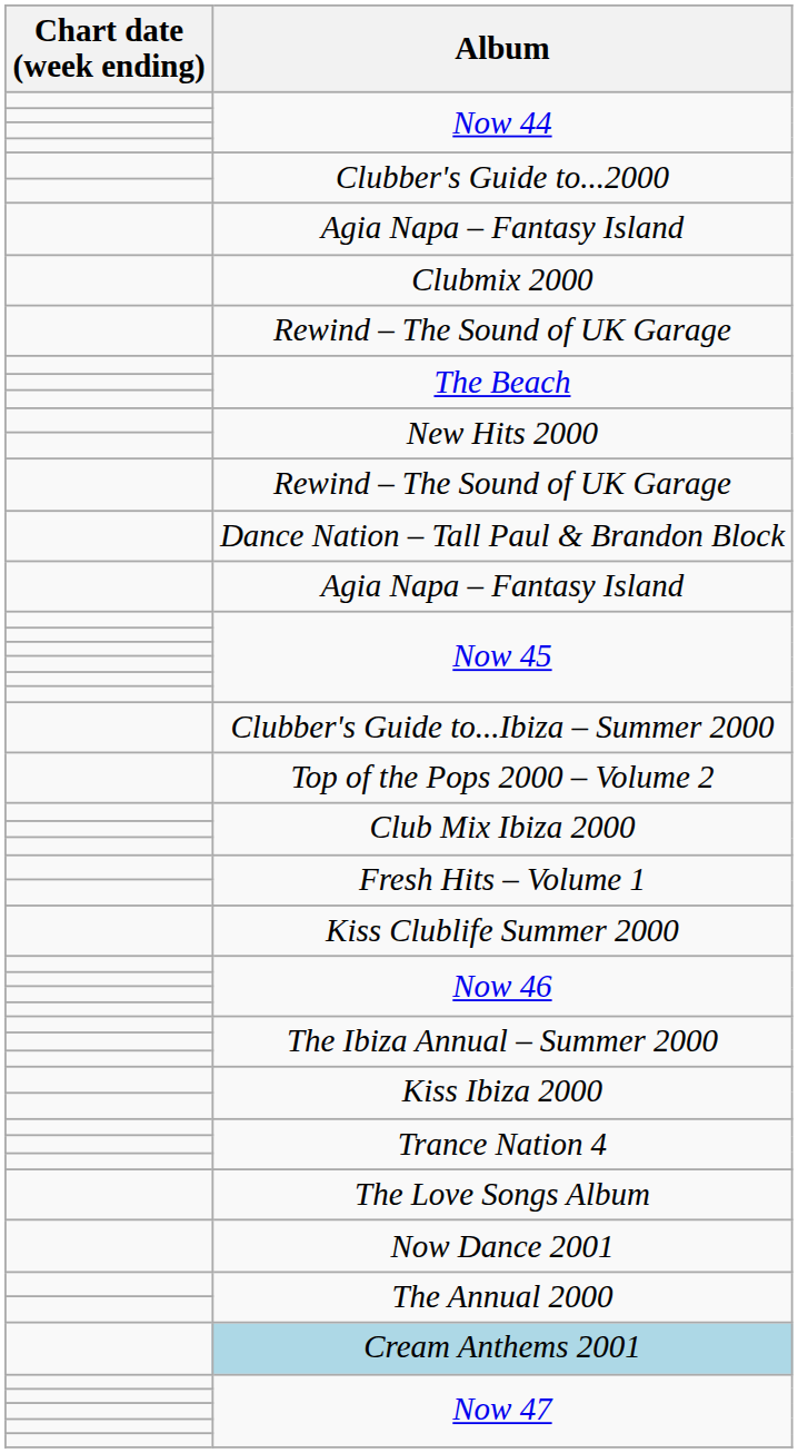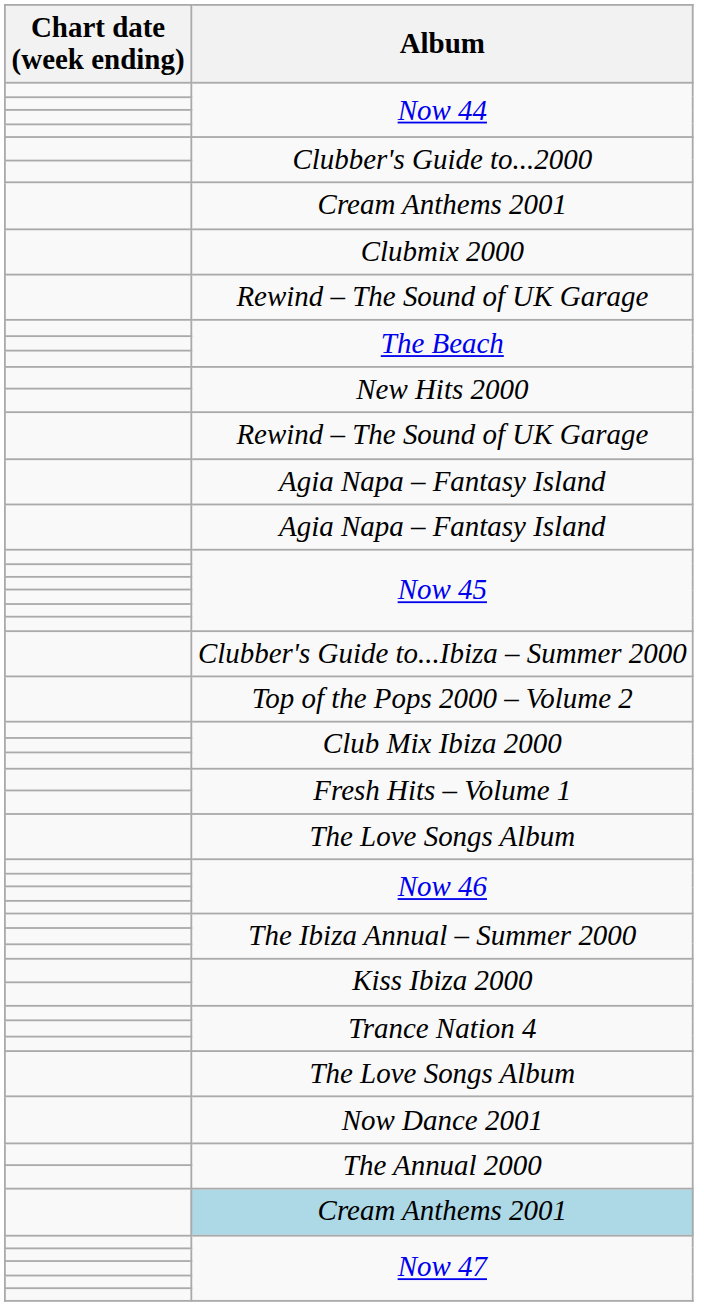 <table class="wikitable plainrowheaders">
 <tr>
 <th style="text-align:center;">Chart date<br>(week ending)</th>
 <th style="text-align:center;">Album</th>
 </tr>
 <tr>
 <td style="text-align:left;"></td>
 <td style="text-align:center;" rowspan="4"><em><a href='#'>Now 44</a></em></td>
 </tr>
 <tr>
 <td style="text-align:left;"></td>
 </tr>
 <tr>
 <td style="text-align:left;"></td>
 </tr>
 <tr>
 <td style="text-align:left;"></td>
 </tr>
 <tr>
 <td style="text-align:left;"></td>
 <td style="text-align:center;" rowspan="2"><em>Clubber's Guide to...2000</em></td>
 </tr>
 <tr>
 <td style="text-align:left;"></td>
 </tr>
 <tr>
 <td style="text-align:left;"></td>
-<td style="text-align:center;"><em>Agia Napa – Fantasy Island</em></td>
+<td style="text-align:center;"><em>Cream Anthems 2001</em></td>
 </tr>
 <tr>
 <td style="text-align:left;"></td>
 <td style="text-align:center;"><em>Clubmix 2000</em></td>
 </tr>
 <tr>
 <td style="text-align:left;"></td>
 <td style="text-align:center;"><em>Rewind – The Sound of UK Garage</em></td>
 </tr>
 <tr>
 <td style="text-align:left;"></td>
 <td style="text-align:center;" rowspan="3"><em><a href='#'>The Beach</a></em></td>
 </tr>
 <tr>
 <td style="text-align:left;"></td>
 </tr>
 <tr>
 <td style="text-align:left;"></td>
 </tr>
 <tr>
 <td style="text-align:left;"></td>
 <td style="text-align:center;" rowspan="2"><em>New Hits 2000</em></td>
 </tr>
 <tr>
 <td style="text-align:left;"></td>
 </tr>
 <tr>
 <td style="text-align:left;"></td>
 <td style="text-align:center;"><em>Rewind – The Sound of UK Garage</em></td>
 </tr>
 <tr>
 <td style="text-align:left;"></td>
-<td style="text-align:center;"><em>Dance Nation – Tall Paul & Brandon Block</em></td>
+<td style="text-align:center;"><em>Agia Napa – Fantasy Island</em></td>
 </tr>
 <tr>
 <td style="text-align:left;"></td>
 <td style="text-align:center;"><em>Agia Napa – Fantasy Island</em></td>
 </tr>
 <tr>
 <td style="text-align:left;"></td>
 <td style="text-align:center;" rowspan="6"><em><a href='#'>Now 45</a></em></td>
 </tr>
 <tr>
 <td style="text-align:left;"></td>
 </tr>
 <tr>
 <td style="text-align:left;"></td>
 </tr>
 <tr>
 <td style="text-align:left;"></td>
 </tr>
 <tr>
 <td style="text-align:left;"></td>
 </tr>
 <tr>
 <td style="text-align:left;"></td>
 </tr>
 <tr>
 <td style="text-align:left;"></td>
 <td style="text-align:center;"><em>Clubber's Guide to...Ibiza – Summer 2000</em></td>
 </tr>
 <tr>
 <td style="text-align:left;"></td>
 <td style="text-align:center;"><em>Top of the Pops 2000 – Volume 2</em></td>
 </tr>
 <tr>
 <td style="text-align:left;"></td>
 <td style="text-align:center;" rowspan="3"><em>Club Mix Ibiza 2000</em></td>
 </tr>
 <tr>
 <td style="text-align:left;"></td>
 </tr>
 <tr>
 <td style="text-align:left;"></td>
 </tr>
 <tr>
 <td style="text-align:left;"></td>
 <td style="text-align:center;" rowspan="2"><em>Fresh Hits – Volume 1</em></td>
 </tr>
 <tr>
 <td style="text-align:left;"></td>
 </tr>
 <tr>
 <td style="text-align:left;"></td>
-<td style="text-align:center;"><em>Kiss Clublife Summer 2000</em></td>
+<td style="text-align:center;"><em>The Love Songs Album</em></td>
 </tr>
 <tr>
 <td style="text-align:left;"></td>
 <td style="text-align:center;" rowspan="4"><em><a href='#'>Now 46</a></em></td>
 </tr>
 <tr>
 <td style="text-align:left;"></td>
 </tr>
 <tr>
 <td style="text-align:left;"></td>
 </tr>
 <tr>
 <td style="text-align:left;"></td>
 </tr>
 <tr>
 <td style="text-align:left;"></td>
 <td style="text-align:center;" rowspan="3"><em>The Ibiza Annual – Summer 2000</em></td>
 </tr>
 <tr>
 <td style="text-align:left;"></td>
 </tr>
 <tr>
 <td style="text-align:left;"></td>
 </tr>
 <tr>
 <td style="text-align:left;"></td>
 <td style="text-align:center;" rowspan="2"><em>Kiss Ibiza 2000</em></td>
 </tr>
 <tr>
 <td style="text-align:left;"></td>
 </tr>
 <tr>
 <td style="text-align:left;"></td>
 <td style="text-align:center;" rowspan="3"><em>Trance Nation 4</em></td>
 </tr>
 <tr>
 <td style="text-align:left;"></td>
 </tr>
 <tr>
 <td style="text-align:left;"></td>
 </tr>
 <tr>
 <td style="text-align:left;"></td>
 <td style="text-align:center;"><em>The Love Songs Album</em></td>
 </tr>
 <tr>
 <td style="text-align:left;"></td>
 <td style="text-align:center;"><em>Now Dance 2001</em></td>
 </tr>
 <tr>
 <td style="text-align:left;"></td>
 <td style="text-align:center;" rowspan="2"><em>The Annual 2000</em></td>
 </tr>
 <tr>
 <td style="text-align:left;"></td>
 </tr>
 <tr>
 <td style="text-align:left;"></td>
 <td style="background: lightblue; text-align:center;"><em>Cream Anthems 2001</em></td>
 </tr>
 <tr>
 <td style="text-align:left;"></td>
 <td style="text-align:center;" rowspan="5"><em><a href='#'>Now 47</a></em></td>
 </tr>
 <tr>
 <td style="text-align:left;"></td>
 </tr>
 <tr>
 <td style="text-align:left;"></td>
 </tr>
 <tr>
 <td style="text-align:left;"></td>
 </tr>
 <tr>
 <td style="text-align:left;"></td>
 </tr>
 </table>
